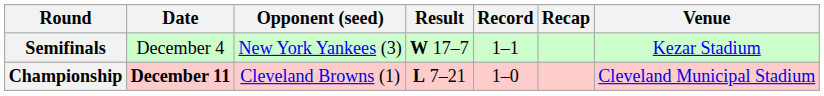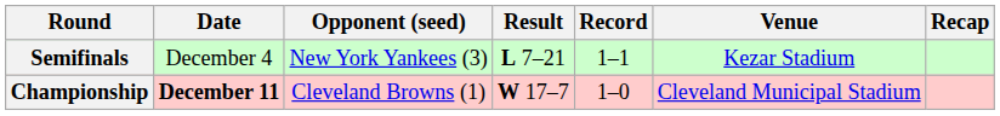 <table class="wikitable" style="text-align:center">
 <tr>
 <th>Round</th>
 <th>Date</th>
 <th>Opponent (seed)</th>
 <th>Result</th>
 <th>Record</th>
+<th>Venue</th>
 <th>Recap</th>
-<th>Venue</th>
 </tr>
 <tr style="background:#cfc">
 <th>Semifinals</th>
 <td>December 4</td>
 <td><a href='#'>New York Yankees</a> (3)</td>
-<td><strong>W</strong> 17–7</td>
+<td><strong>L</strong> 7–21</td>
 <td>1–1</td>
+<td><a href='#'>Kezar Stadium</a></td>
 <td></td>
-<td><a href='#'>Kezar Stadium</a></td>
 </tr>
 <tr style="background:#fcc">
 <th>Championship</th>
 <td><strong>December 11</strong></td>
 <td><a href='#'>Cleveland Browns</a> (1)</td>
-<td><strong>L</strong> 7–21</td>
+<td><strong>W</strong> 17–7</td>
 <td>1–0</td>
+<td><a href='#'>Cleveland Municipal Stadium</a></td>
 <td></td>
-<td><a href='#'>Cleveland Municipal Stadium</a></td>
 </tr>
 </table>
